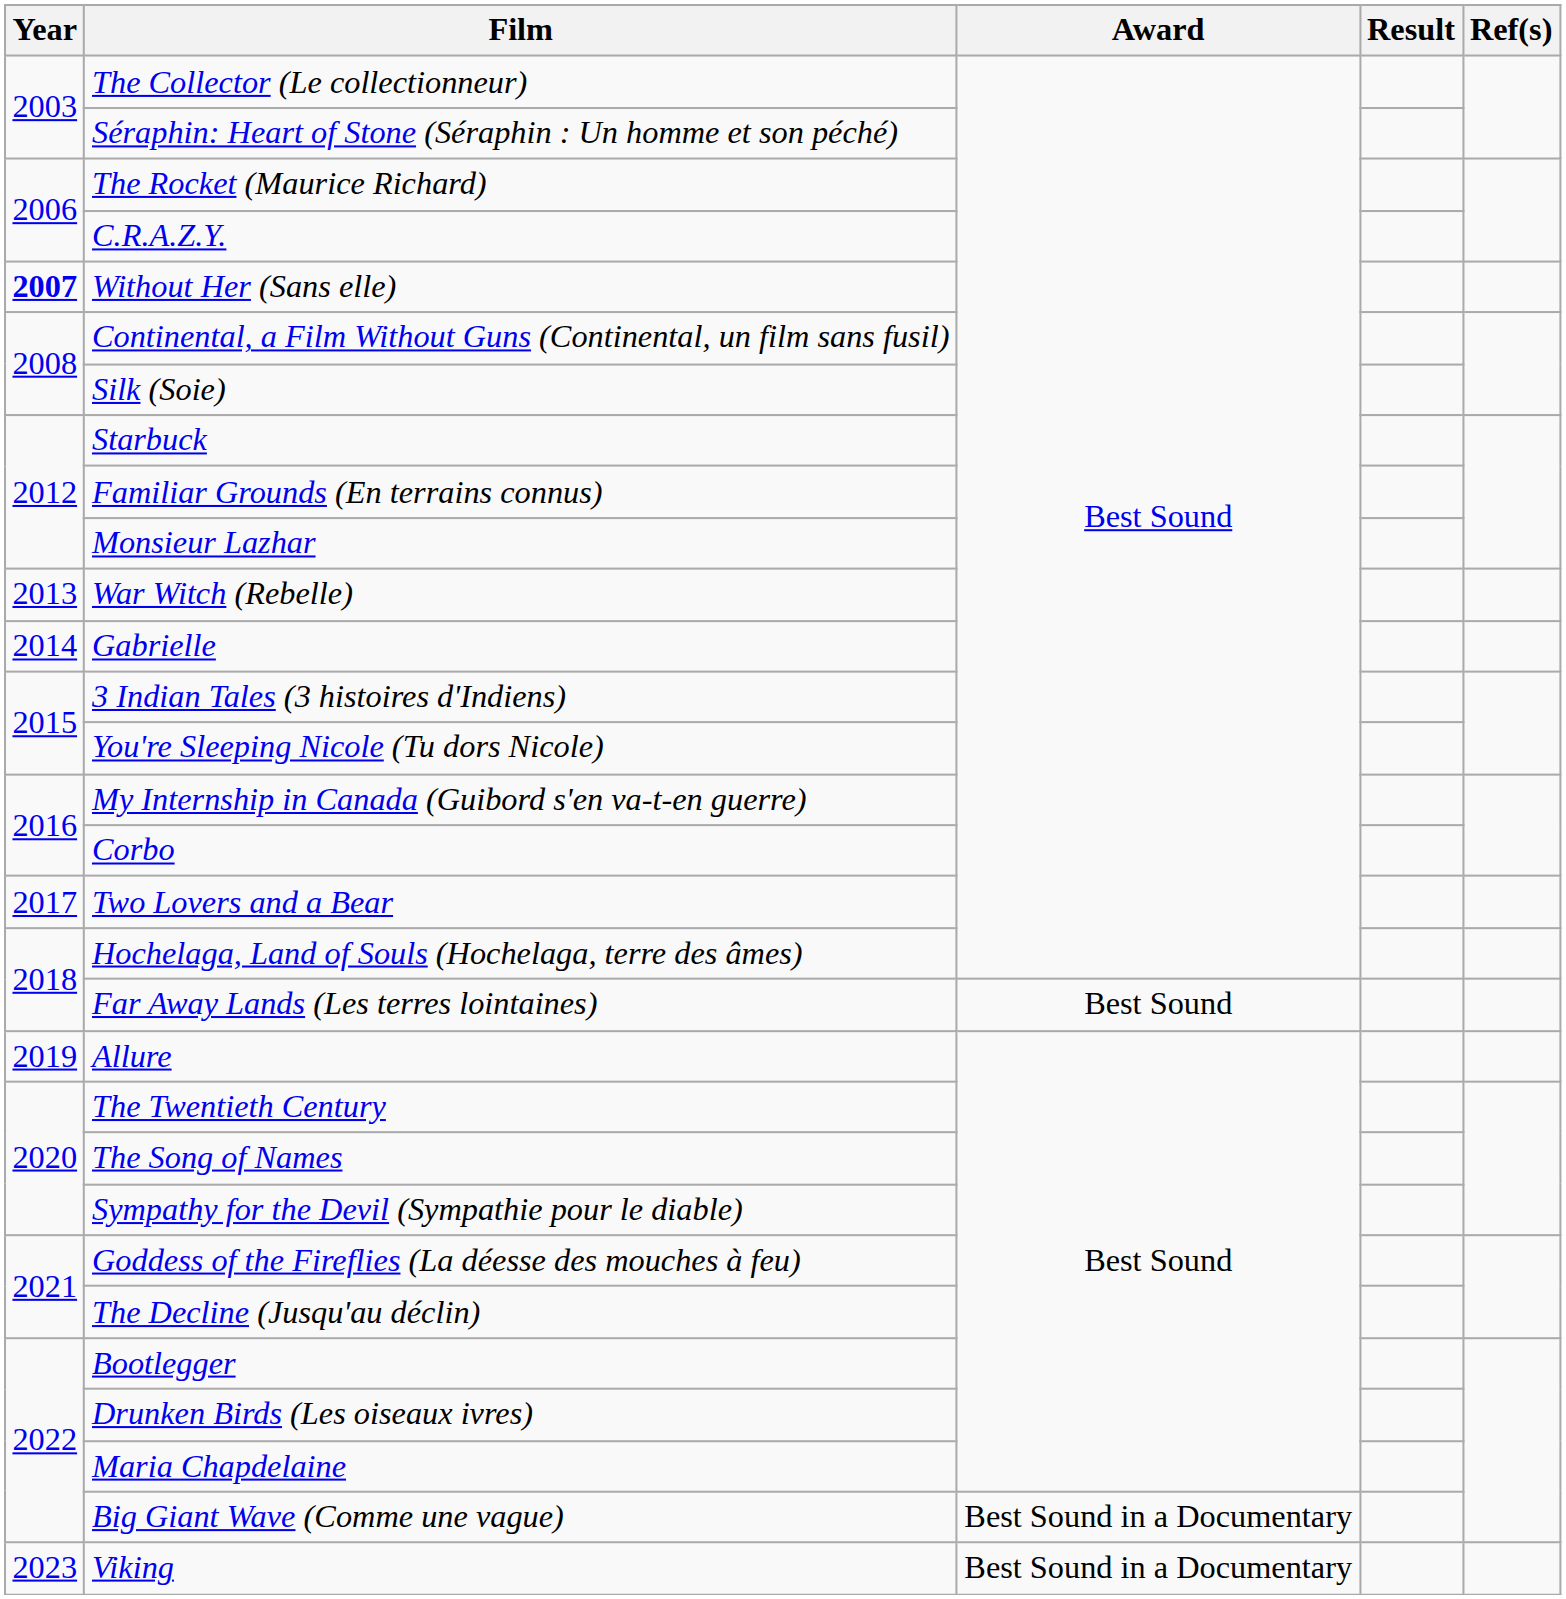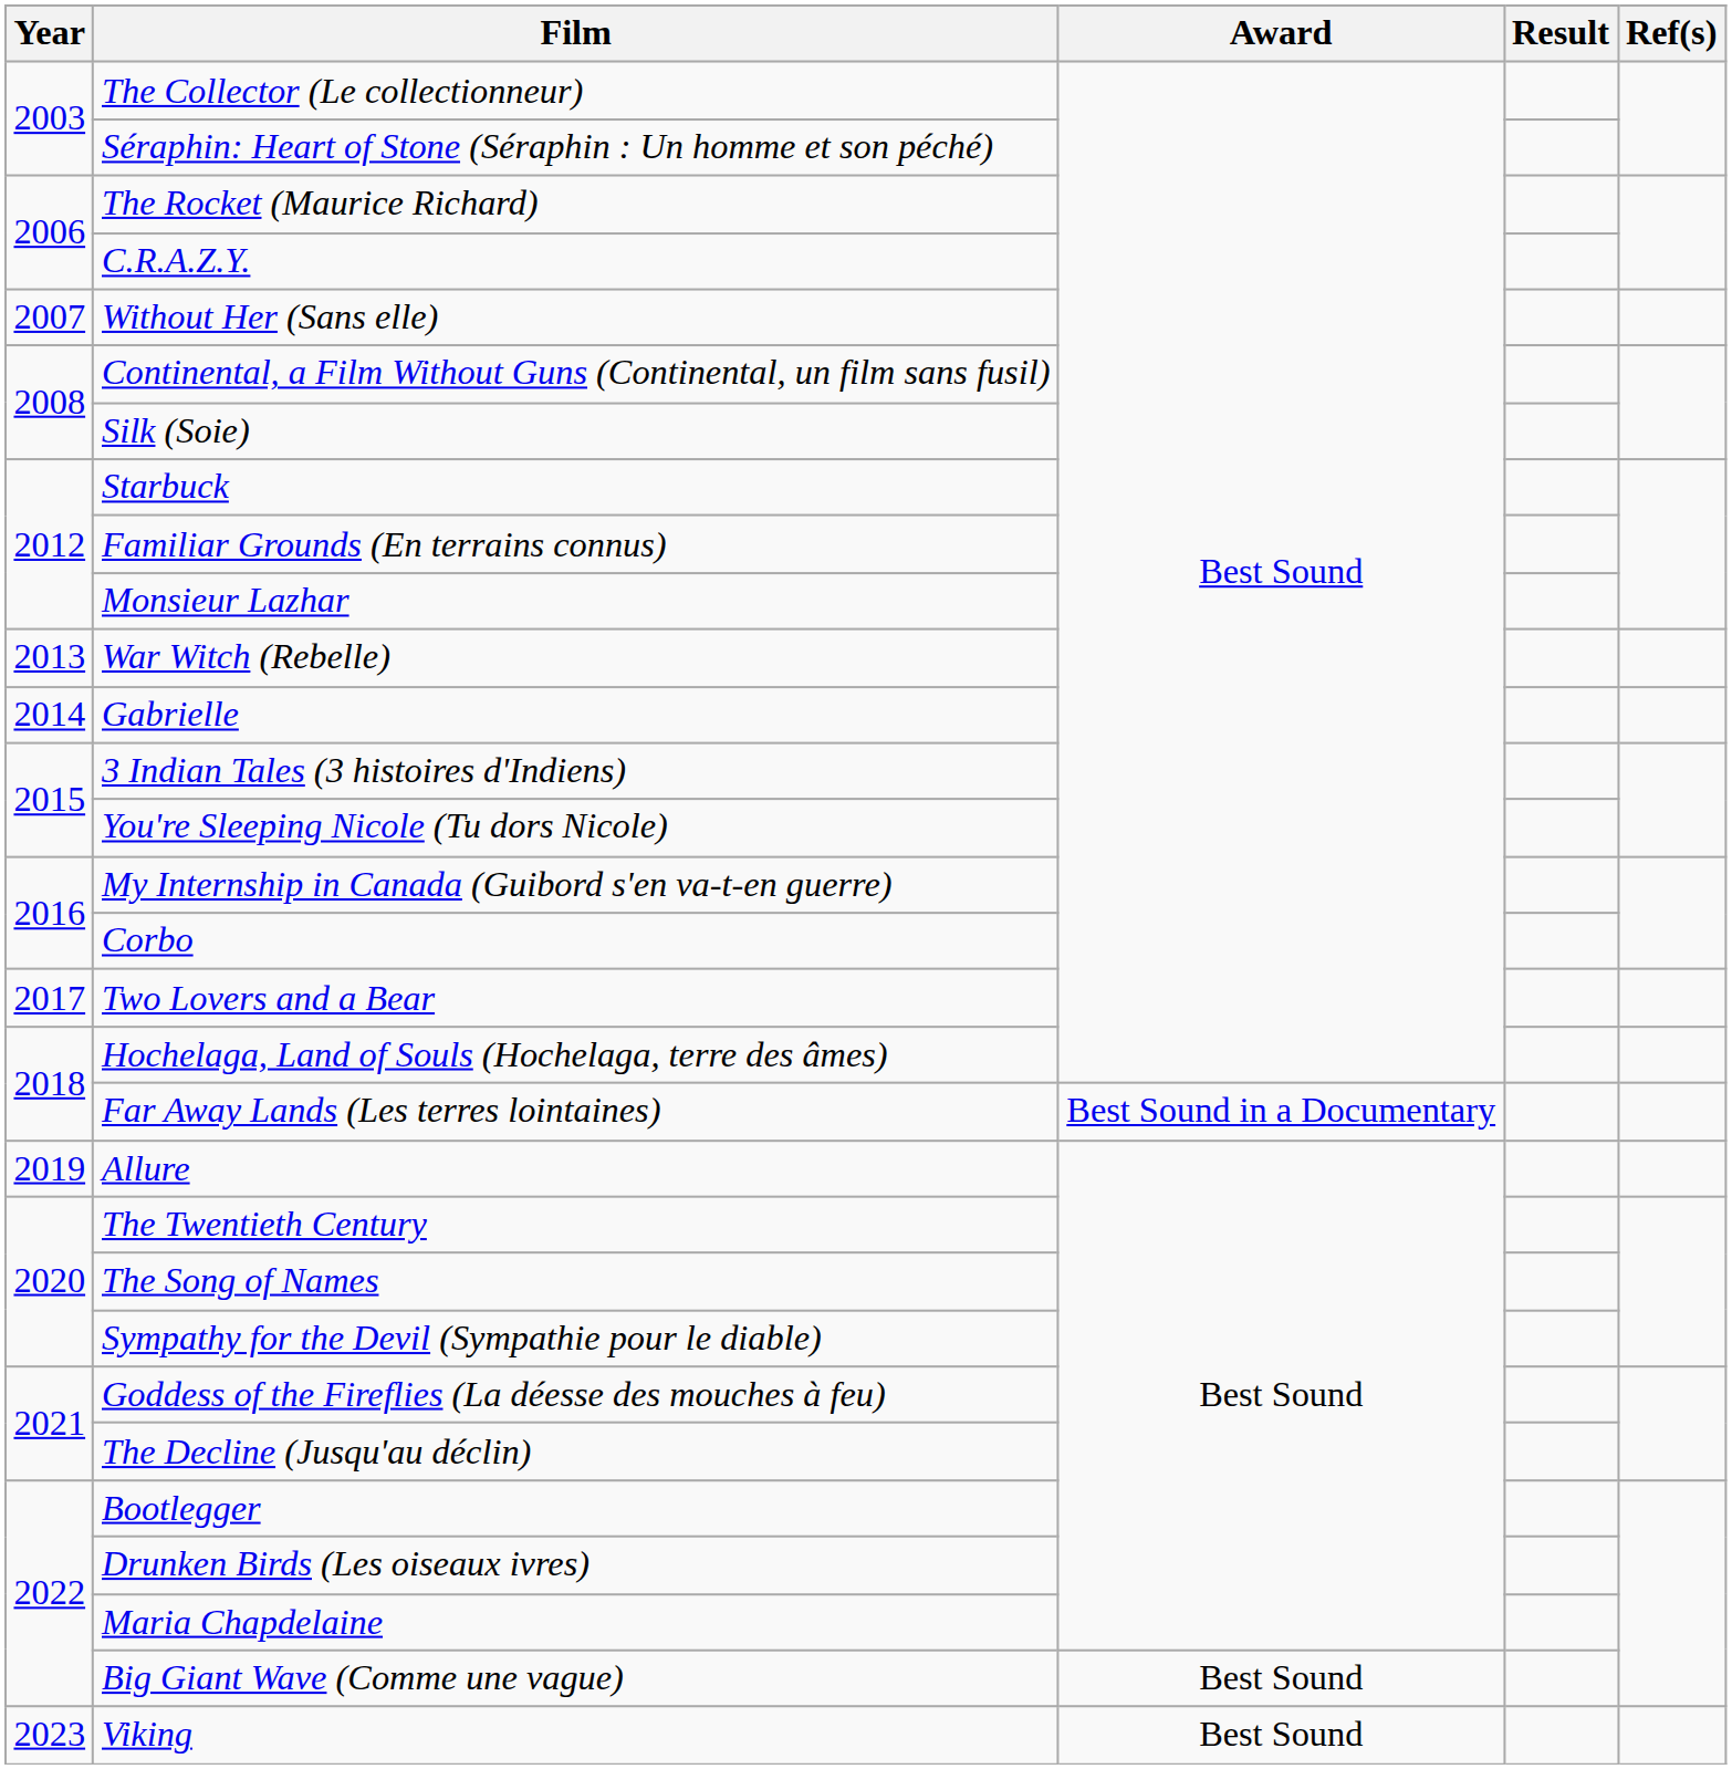 <table class="wikitable plainrowheaders sortable">
 <tr>
 <th>Year</th>
 <th>Film</th>
 <th>Award</th>
 <th>Result</th>
 <th>Ref(s)</th>
 </tr>
 <tr>
 <td style="text-align:center;" rowspan="2"><a href='#'>2003</a></td>
 <td><em><a href='#'>The Collector</a> (Le collectionneur)</em></td>
 <td style="text-align:center;" rowspan="18"><a href='#'>Best Sound</a></td>
 <td></td>
 <td style="text-align:center;" rowspan="2"></td>
 </tr>
 <tr>
 <td><em><a href='#'>Séraphin: Heart of Stone</a> (Séraphin : Un homme et son péché)</em></td>
 <td></td>
 </tr>
 <tr>
 <td style="text-align:center;" rowspan="2"><a href='#'>2006</a></td>
 <td><em><a href='#'>The Rocket</a> (Maurice Richard)</em></td>
 <td></td>
 <td style="text-align:center;" rowspan="2"></td>
 </tr>
 <tr>
 <td><em><a href='#'>C.R.A.Z.Y.</a></em></td>
 <td></td>
 </tr>
 <tr>
-<td style="text-align:center;"><strong><a href='#'>2007</a></strong></td>
+<td style="text-align:center;"><a href='#'>2007</a></td>
 <td><em><a href='#'>Without Her</a> (Sans elle)</em></td>
 <td></td>
 <td style="text-align:center;"></td>
 </tr>
 <tr>
 <td style="text-align:center;" rowspan="2"><a href='#'>2008</a></td>
 <td><em><a href='#'>Continental, a Film Without Guns</a> (Continental, un film sans fusil)</em></td>
 <td></td>
 <td style="text-align:center;" rowspan="2"></td>
 </tr>
 <tr>
 <td><em><a href='#'>Silk</a> (Soie)</em></td>
 <td></td>
 </tr>
 <tr>
 <td style="text-align:center;" rowspan="3"><a href='#'>2012</a></td>
 <td><em><a href='#'>Starbuck</a></em></td>
 <td></td>
 <td style="text-align:center;" rowspan="3"></td>
 </tr>
 <tr>
 <td><em><a href='#'>Familiar Grounds</a> (En terrains connus)</em></td>
 <td></td>
 </tr>
 <tr>
 <td><em><a href='#'>Monsieur Lazhar</a></em></td>
 <td></td>
 </tr>
 <tr>
 <td style="text-align:center;"><a href='#'>2013</a></td>
 <td><em><a href='#'>War Witch</a> (Rebelle)</em></td>
 <td></td>
 <td style="text-align:center;"></td>
 </tr>
 <tr>
 <td style="text-align:center;"><a href='#'>2014</a></td>
 <td><em><a href='#'>Gabrielle</a></em></td>
 <td></td>
 <td style="text-align:center;"></td>
 </tr>
 <tr>
 <td style="text-align:center;" rowspan="2"><a href='#'>2015</a></td>
 <td><em><a href='#'>3 Indian Tales</a> (3 histoires d'Indiens)</em></td>
 <td></td>
 <td style="text-align:center;" rowspan="2"></td>
 </tr>
 <tr>
 <td><em><a href='#'>You're Sleeping Nicole</a> (Tu dors Nicole)</em></td>
 <td></td>
 </tr>
 <tr>
 <td style="text-align:center;" rowspan="2"><a href='#'>2016</a></td>
 <td><em><a href='#'>My Internship in Canada</a> (Guibord s'en va-t-en guerre)</em></td>
 <td></td>
 <td style="text-align:center;" rowspan="2"></td>
 </tr>
 <tr>
 <td><em><a href='#'>Corbo</a></em></td>
 <td></td>
 </tr>
 <tr>
 <td style="text-align:center;"><a href='#'>2017</a></td>
 <td><em><a href='#'>Two Lovers and a Bear</a></em></td>
 <td></td>
 <td style="text-align:center;"></td>
 </tr>
 <tr>
 <td style="text-align:center;" rowspan="2"><a href='#'>2018</a></td>
 <td><em><a href='#'>Hochelaga, Land of Souls</a> (Hochelaga, terre des âmes)</em></td>
 <td></td>
 <td style="text-align:center;"></td>
 </tr>
 <tr>
 <td><em><a href='#'>Far Away Lands</a> (Les terres lointaines)</em></td>
-<td style="text-align:center;">Best Sound</td>
+<td style="text-align:center;"><a href='#'>Best Sound in a Documentary</a></td>
 <td></td>
 <td style="text-align:center;"></td>
 </tr>
 <tr>
 <td style="text-align:center;"><a href='#'>2019</a></td>
 <td><em><a href='#'>Allure</a></em></td>
 <td style="text-align:center;" rowspan="9">Best Sound</td>
 <td></td>
 <td style="text-align:center;"></td>
 </tr>
 <tr>
 <td style="text-align:center;" rowspan="3"><a href='#'>2020</a></td>
 <td><em><a href='#'>The Twentieth Century</a></em></td>
 <td></td>
 <td style="text-align:center;" rowspan="3"></td>
 </tr>
 <tr>
 <td><em><a href='#'>The Song of Names</a></em></td>
 <td></td>
 </tr>
 <tr>
 <td><em><a href='#'>Sympathy for the Devil</a> (Sympathie pour le diable)</em></td>
 <td></td>
 </tr>
 <tr>
 <td style="text-align:center;" rowspan="2"><a href='#'>2021</a></td>
 <td><em><a href='#'>Goddess of the Fireflies</a> (La déesse des mouches à feu)</em></td>
 <td></td>
 <td style="text-align:center;" rowspan="2"></td>
 </tr>
 <tr>
 <td><em><a href='#'>The Decline</a> (Jusqu'au déclin)</em></td>
 <td></td>
 </tr>
 <tr>
 <td style="text-align:center;" rowspan="4"><a href='#'>2022</a></td>
 <td><em><a href='#'>Bootlegger</a></em></td>
 <td></td>
 <td style="text-align:center;" rowspan="4"></td>
 </tr>
 <tr>
 <td><em><a href='#'>Drunken Birds</a> (Les oiseaux ivres)</em></td>
 <td></td>
 </tr>
 <tr>
 <td><em><a href='#'>Maria Chapdelaine</a></em></td>
 <td></td>
 </tr>
 <tr>
 <td><em><a href='#'>Big Giant Wave</a> (Comme une vague)</em></td>
-<td style="text-align:center;">Best Sound in a Documentary</td>
+<td style="text-align:center;">Best Sound</td>
 <td></td>
 </tr>
 <tr>
 <td style="text-align:center;"><a href='#'>2023</a></td>
 <td><em><a href='#'>Viking</a></em></td>
-<td style="text-align:center;">Best Sound in a Documentary</td>
+<td style="text-align:center;">Best Sound</td>
 <td></td>
 <td></td>
 </tr>
 </table>
